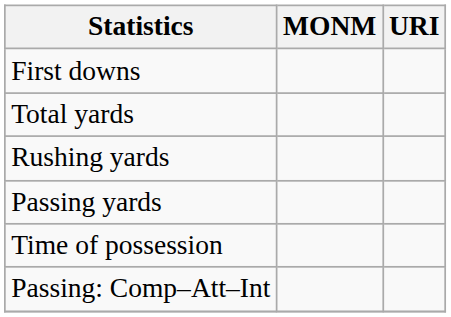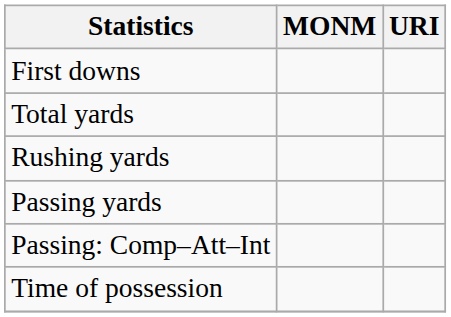 <table class="wikitable" style="float: left;">
 <tr>
 <th>Statistics</th>
 <th>MONM</th>
 <th>URI</th>
 </tr>
 <tr>
 <td>First downs</td>
 <td></td>
 <td></td>
 </tr>
 <tr>
 <td>Total yards</td>
 <td></td>
 <td></td>
 </tr>
 <tr>
 <td>Rushing yards</td>
 <td></td>
 <td></td>
 </tr>
 <tr>
 <td>Passing yards</td>
 <td></td>
 <td></td>
 </tr>
 <tr>
-<td>Time of possession</td>
+<td>Passing: Comp–Att–Int</td>
 <td></td>
 <td></td>
 </tr>
 <tr>
-<td>Passing: Comp–Att–Int</td>
+<td>Time of possession</td>
 <td></td>
 <td></td>
 </tr>
 <tr>
 </tr>
 </table>
